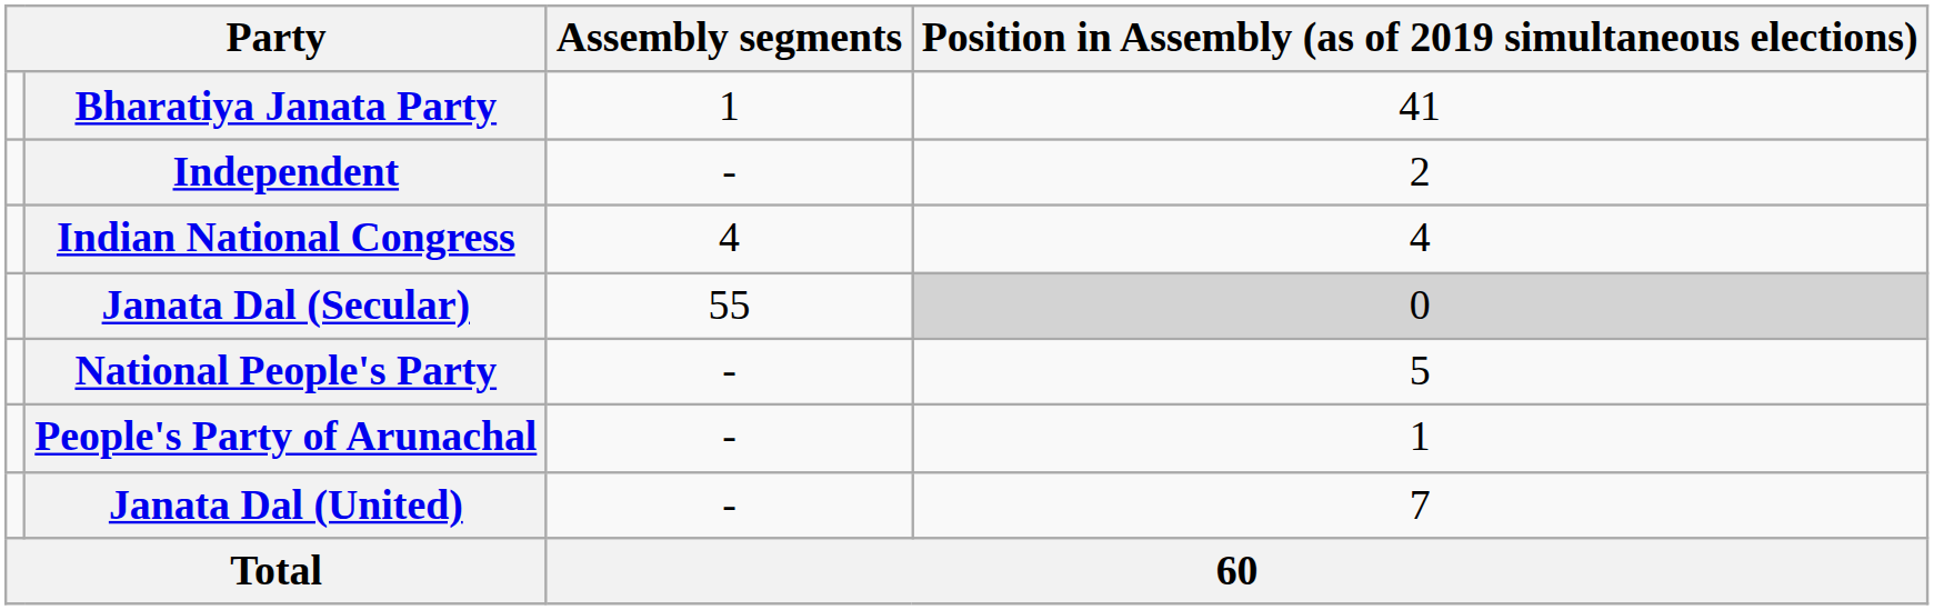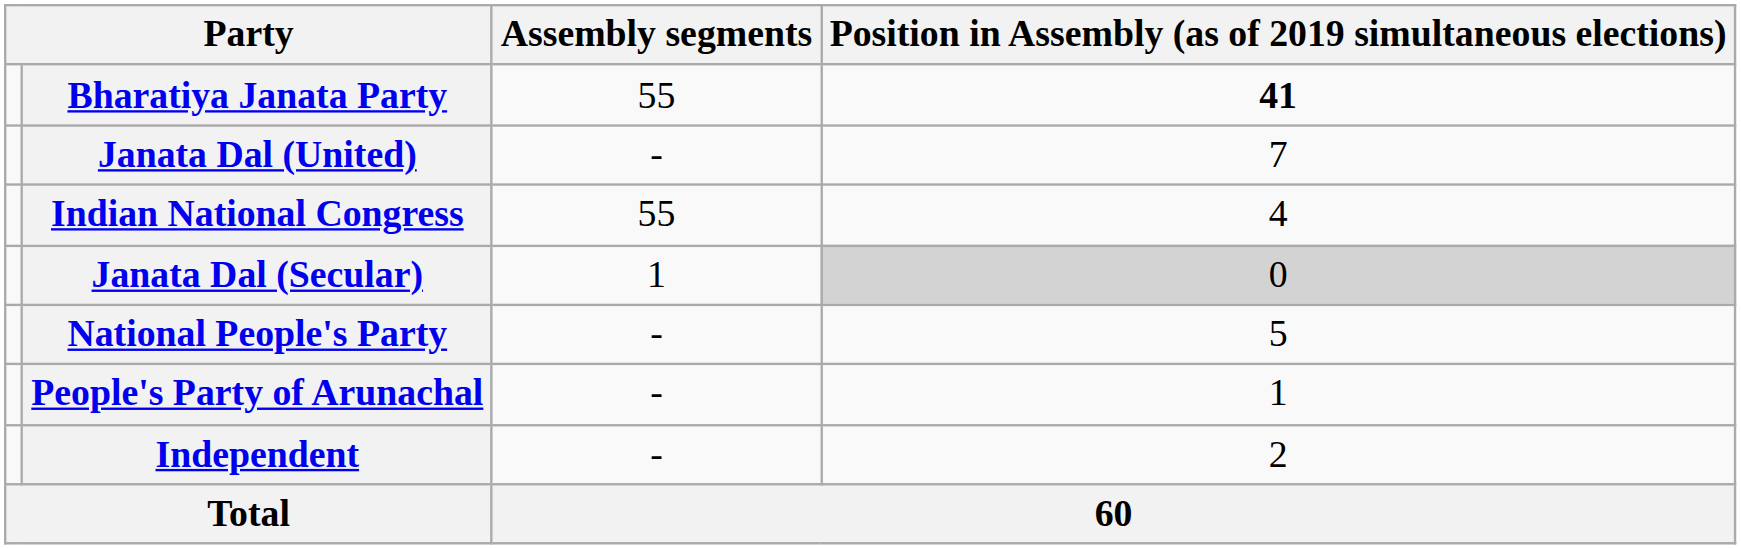 <table class="wikitable" style="text-align:center">
 <tr>
 <th colspan=2>Party</th>
 <th>Assembly segments</th>
 <th>Position in Assembly (as of 2019 simultaneous elections)</th>
 </tr>
 <tr>
 <td></td>
 <th><a href='#'>Bharatiya Janata Party</a></th>
-<td>1</td>
-<td>41</td>
+<td>55</td>
+<td><strong>41</strong></td>
 </tr>
 <tr>
 <td></td>
-<th><a href='#'>Independent</a></th>
+<th><a href='#'>Janata Dal (United)</a></th>
 <td>-</td>
-<td>2</td>
+<td>7</td>
 </tr>
 <tr>
 <td></td>
 <th><a href='#'>Indian National Congress</a></th>
-<td>4</td>
+<td>55</td>
 <td>4</td>
 </tr>
 <tr>
 <td></td>
 <th><a href='#'>Janata Dal (Secular)</a></th>
-<td>55</td>
+<td>1</td>
 <td style="background: lightgrey;">0</td>
 </tr>
 <tr>
 <td></td>
 <th><a href='#'>National People's Party</a></th>
 <td>-</td>
 <td>5</td>
 </tr>
 <tr>
 <td></td>
 <th><a href='#'>People's Party of Arunachal</a></th>
 <td>-</td>
 <td>1</td>
 </tr>
 <tr>
 <td></td>
-<th><a href='#'>Janata Dal (United)</a></th>
+<th><a href='#'>Independent</a></th>
 <td>-</td>
-<td>7</td>
+<td>2</td>
 </tr>
 <tr>
 <th colspan=2>Total</th>
 <th colspan=2>60</th>
 </tr>
 </table>
